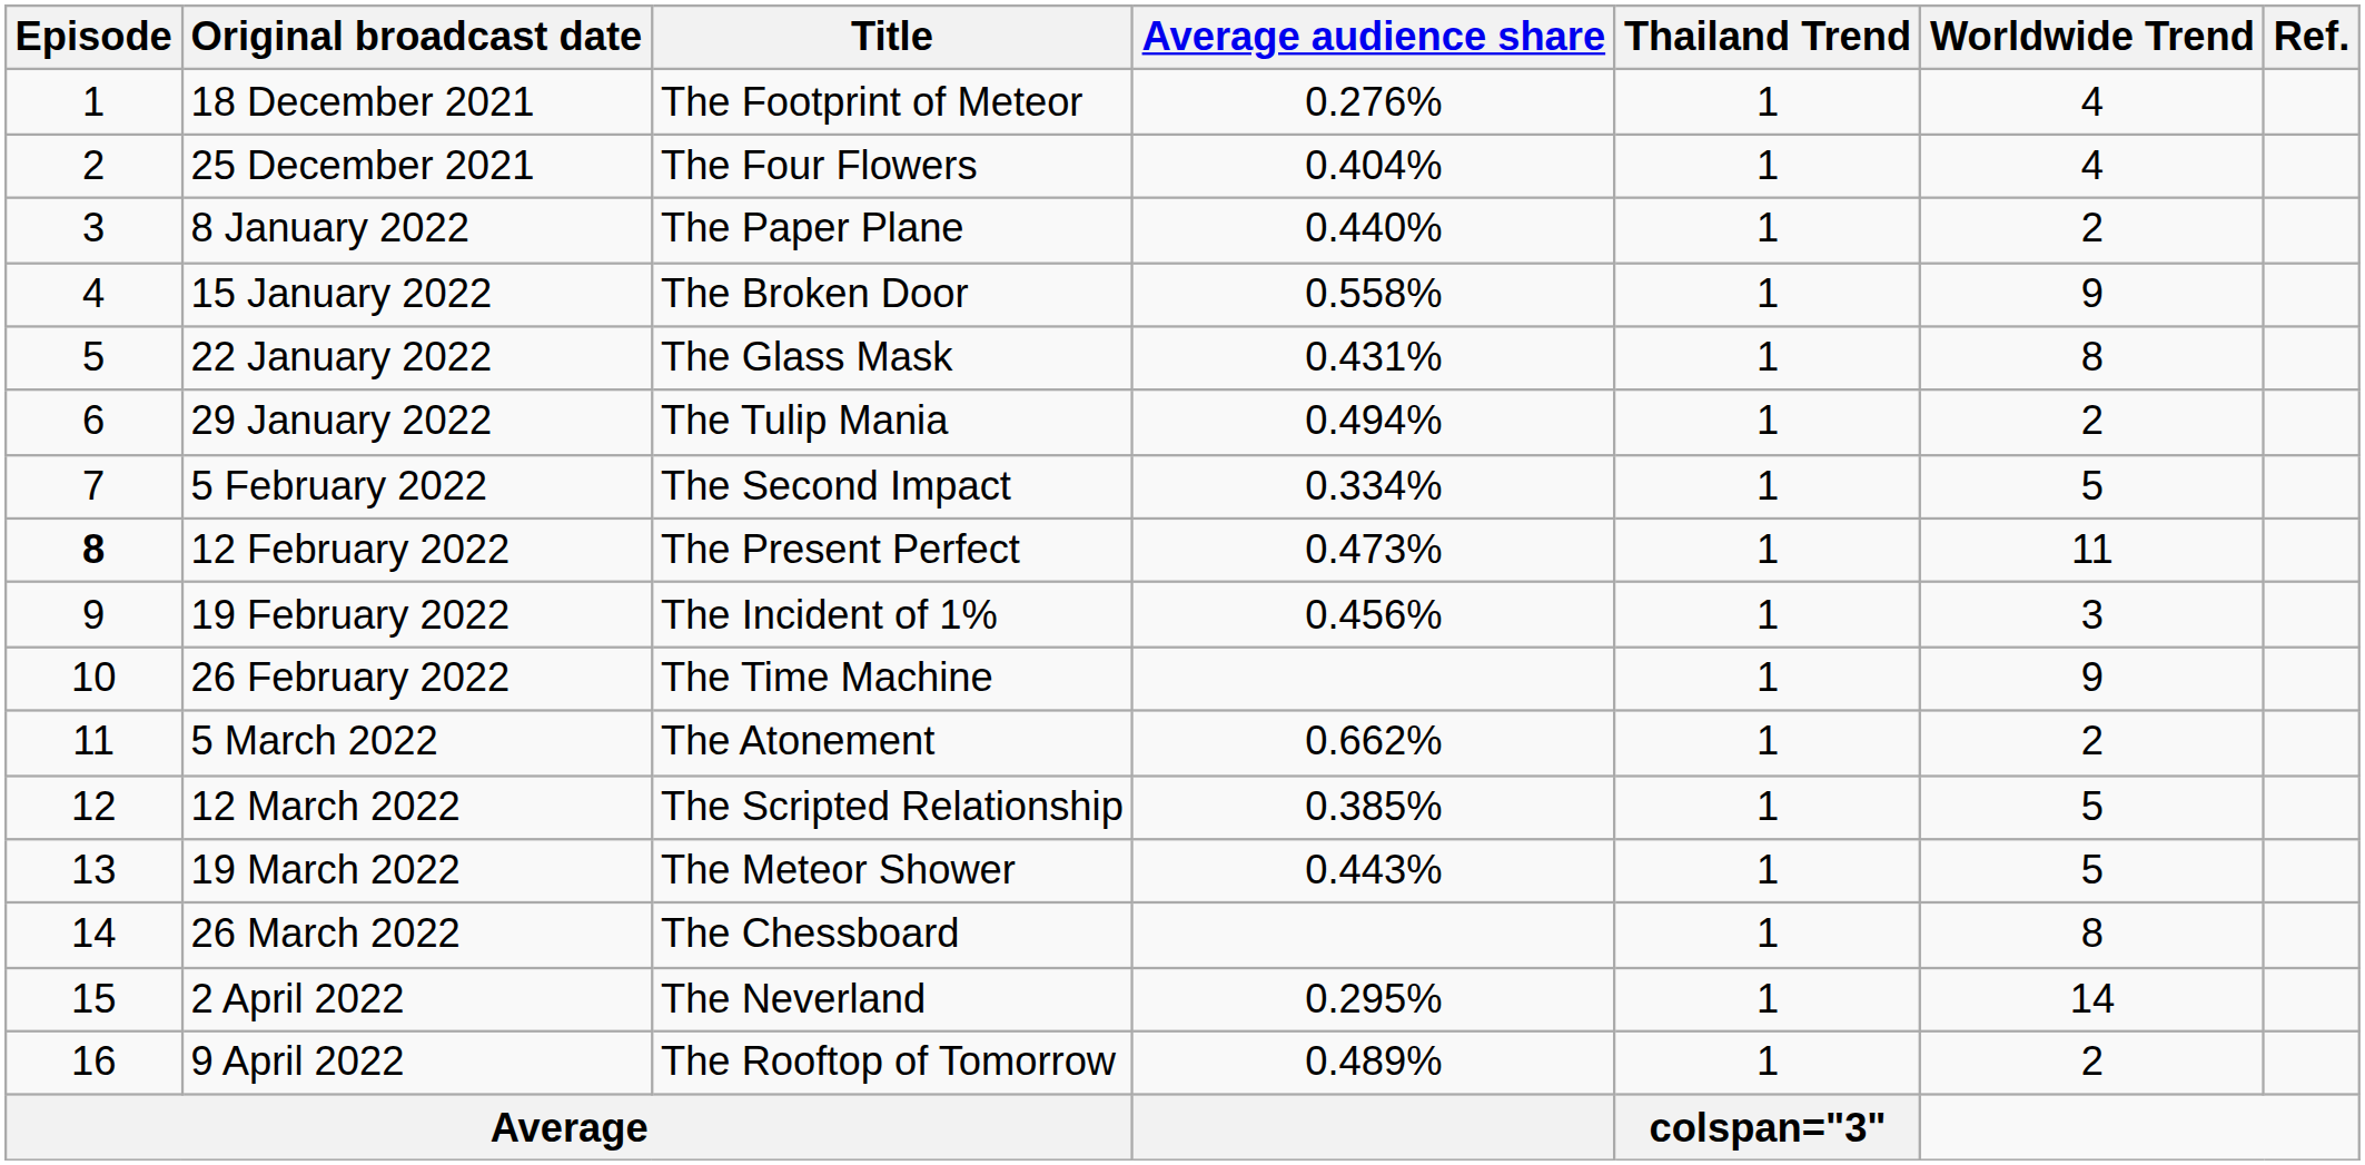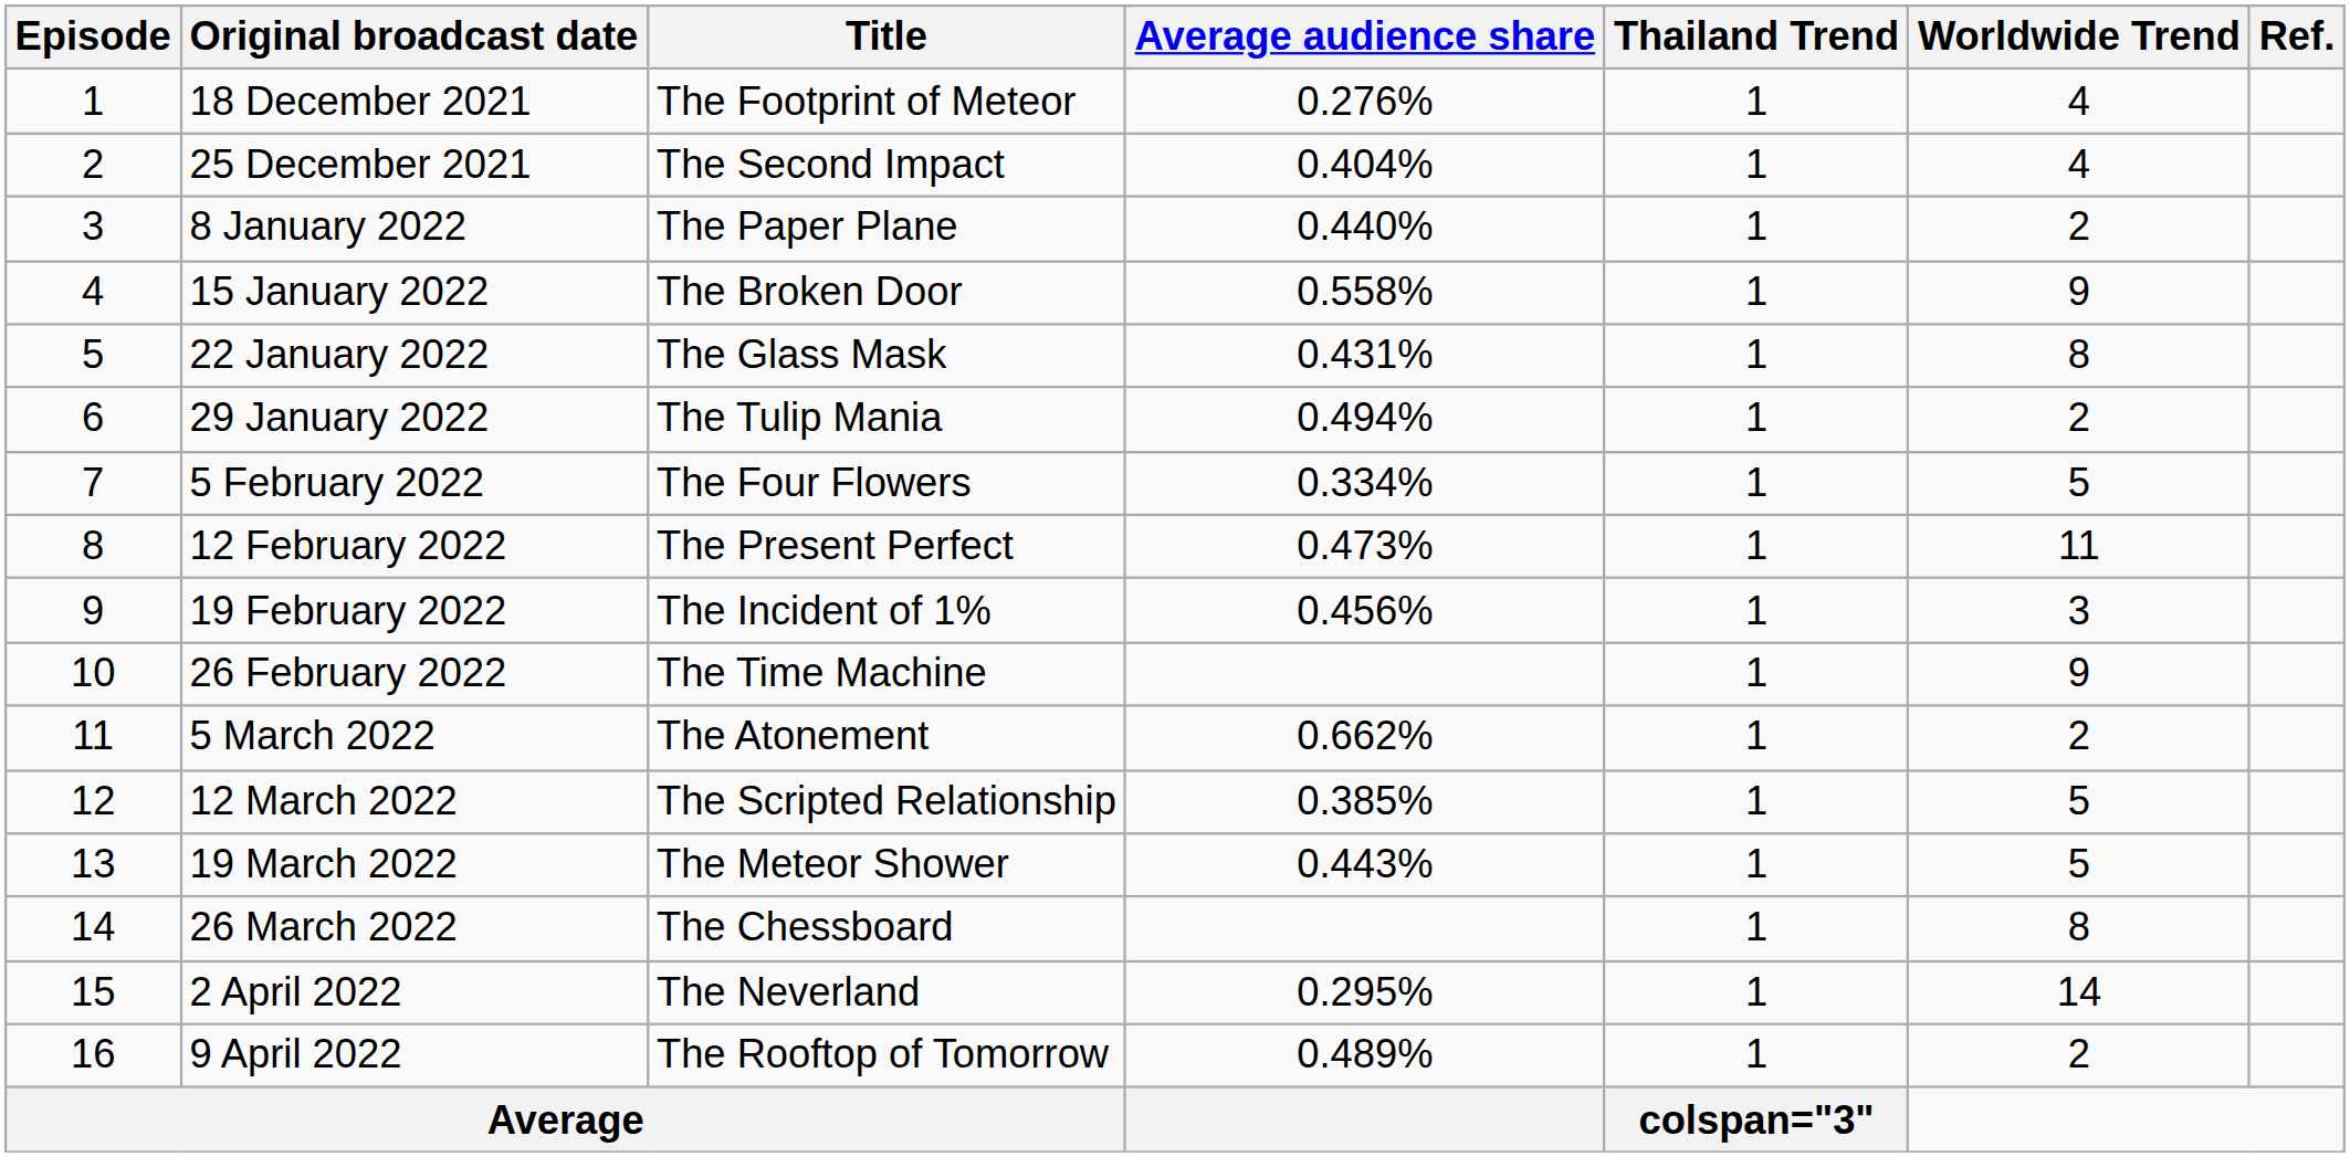 <table class="wikitable">
 <tr>
 <th>Episode</th>
 <th>Original broadcast date</th>
 <th>Title</th>
 <th><a href='#'>Average audience share</a></th>
 <th>Thailand Trend</th>
 <th>Worldwide Trend</th>
 <th>Ref.</th>
 </tr>
 <tr>
 <td style="text-align: center;">1</td>
 <td>18 December 2021</td>
 <td>The Footprint of Meteor</td>
 <td style="text-align: center;">0.276%</td>
 <td style="text-align: center;">1</td>
 <td style="text-align: center;">4</td>
 <td></td>
 </tr>
 <tr>
 <td style="text-align: center;">2</td>
 <td>25 December 2021</td>
-<td>The Four Flowers</td>
+<td>The Second Impact</td>
 <td style="text-align: center;">0.404%</td>
 <td style="text-align: center;">1</td>
 <td style="text-align: center;">4</td>
 <td></td>
 </tr>
 <tr>
 <td style="text-align: center;">3</td>
 <td>8 January 2022</td>
 <td>The Paper Plane</td>
 <td style="text-align: center;">0.440%</td>
 <td style="text-align: center;">1</td>
 <td style="text-align: center;">2</td>
 <td></td>
 </tr>
 <tr>
 <td style="text-align: center;">4</td>
 <td>15 January 2022</td>
 <td>The Broken Door</td>
 <td style="text-align: center;">0.558%</td>
 <td style="text-align: center;">1</td>
 <td style="text-align: center;">9</td>
 <td></td>
 </tr>
 <tr>
 <td style="text-align: center;">5</td>
 <td>22 January 2022</td>
 <td>The Glass Mask</td>
 <td style="text-align: center;">0.431%</td>
 <td style="text-align: center;">1</td>
 <td style="text-align: center;">8</td>
 <td></td>
 </tr>
 <tr>
 <td style="text-align: center;">6</td>
 <td>29 January 2022</td>
 <td>The Tulip Mania</td>
 <td style="text-align: center;">0.494%</td>
 <td style="text-align: center;">1</td>
 <td style="text-align: center;">2</td>
 <td></td>
 </tr>
 <tr>
 <td style="text-align: center;">7</td>
 <td>5 February 2022</td>
-<td>The Second Impact</td>
+<td>The Four Flowers</td>
 <td style="text-align: center;">0.334%</td>
 <td style="text-align: center;">1</td>
 <td style="text-align: center;">5</td>
 <td></td>
 </tr>
 <tr>
-<td style="text-align: center;"><strong>8</strong></td>
+<td style="text-align: center;">8</td>
 <td>12 February 2022</td>
 <td>The Present Perfect</td>
 <td style="text-align: center;">0.473%</td>
 <td style="text-align: center;">1</td>
 <td style="text-align: center;">11</td>
 <td></td>
 </tr>
 <tr>
 <td style="text-align: center;">9</td>
 <td>19 February 2022</td>
 <td>The Incident of 1%</td>
 <td style="text-align: center;">0.456%</td>
 <td style="text-align: center;">1</td>
 <td style="text-align: center;">3</td>
 <td></td>
 </tr>
 <tr>
 <td style="text-align: center;">10</td>
 <td>26 February 2022</td>
 <td>The Time Machine</td>
 <td style="text-align: center;"></td>
 <td style="text-align: center;">1</td>
 <td style="text-align: center;">9</td>
 <td></td>
 </tr>
 <tr>
 <td style="text-align: center;">11</td>
 <td>5 March 2022</td>
 <td>The Atonement</td>
 <td style="text-align: center;">0.662%</td>
 <td style="text-align: center;">1</td>
 <td style="text-align: center;">2</td>
 <td></td>
 </tr>
 <tr>
 <td style="text-align: center;">12</td>
 <td>12 March 2022</td>
 <td>The Scripted Relationship</td>
 <td style="text-align: center;">0.385%</td>
 <td style="text-align: center;">1</td>
 <td style="text-align: center;">5</td>
 <td></td>
 </tr>
 <tr>
 <td style="text-align: center;">13</td>
 <td>19 March 2022</td>
 <td>The Meteor Shower</td>
 <td style="text-align: center;">0.443%</td>
 <td style="text-align: center;">1</td>
 <td style="text-align: center;">5</td>
 <td></td>
 </tr>
 <tr>
 <td style="text-align: center;">14</td>
 <td>26 March 2022</td>
 <td>The Chessboard</td>
 <td style="text-align: center;"></td>
 <td style="text-align: center;">1</td>
 <td style="text-align: center;">8</td>
 <td></td>
 </tr>
 <tr>
 <td style="text-align: center;">15</td>
 <td>2 April 2022</td>
 <td>The Neverland</td>
 <td style="text-align: center;">0.295%</td>
 <td style="text-align: center;">1</td>
 <td style="text-align: center;">14</td>
 <td></td>
 </tr>
 <tr>
 <td style="text-align: center;">16</td>
 <td>9 April 2022</td>
 <td>The Rooftop of Tomorrow</td>
 <td style="text-align: center;">0.489%</td>
 <td style="text-align: center;">1</td>
 <td style="text-align: center;">2</td>
 <td></td>
 </tr>
 <tr>
 <th colspan="3" style="text-align: center;">Average </th>
 <th colspan="1" style="text-align: center;"></th>
 <th>colspan="3"</th>
 </tr>
 </table>
